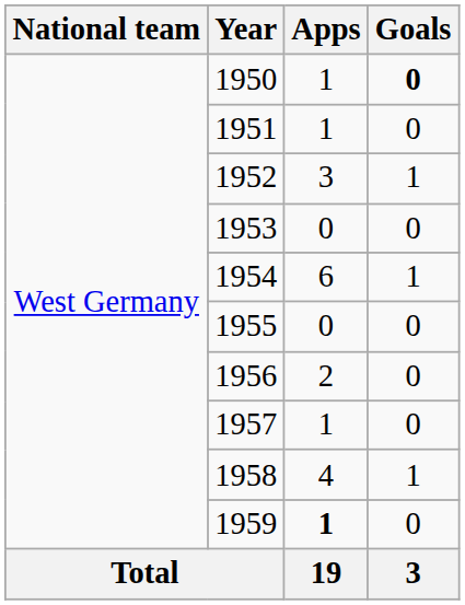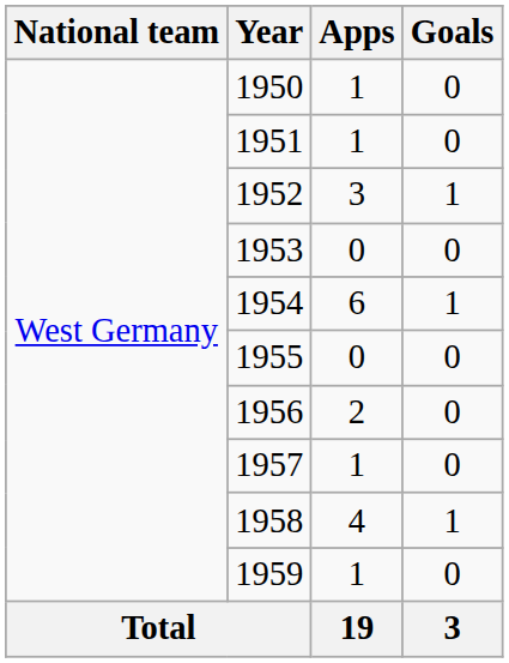 <table class="wikitable" style="text-align:center">
 <tr>
 <th>National team</th>
 <th>Year</th>
 <th>Apps</th>
 <th>Goals</th>
 </tr>
 <tr>
 <td rowspan="10"><a href='#'>West Germany</a></td>
 <td>1950</td>
 <td>1</td>
-<td><strong>0</strong></td>
+<td>0</td>
 </tr>
 <tr>
 <td>1951</td>
 <td>1</td>
 <td>0</td>
 </tr>
 <tr>
 <td>1952</td>
 <td>3</td>
 <td>1</td>
 </tr>
 <tr>
 <td>1953</td>
 <td>0</td>
 <td>0</td>
 </tr>
 <tr>
 <td>1954</td>
 <td>6</td>
 <td>1</td>
 </tr>
 <tr>
 <td>1955</td>
 <td>0</td>
 <td>0</td>
 </tr>
 <tr>
 <td>1956</td>
 <td>2</td>
 <td>0</td>
 </tr>
 <tr>
 <td>1957</td>
 <td>1</td>
 <td>0</td>
 </tr>
 <tr>
 <td>1958</td>
 <td>4</td>
 <td>1</td>
 </tr>
 <tr>
 <td>1959</td>
-<td><strong>1</strong></td>
+<td>1</td>
 <td>0</td>
 </tr>
 <tr>
 <th colspan="2">Total</th>
 <th>19</th>
 <th>3</th>
 </tr>
 </table>
